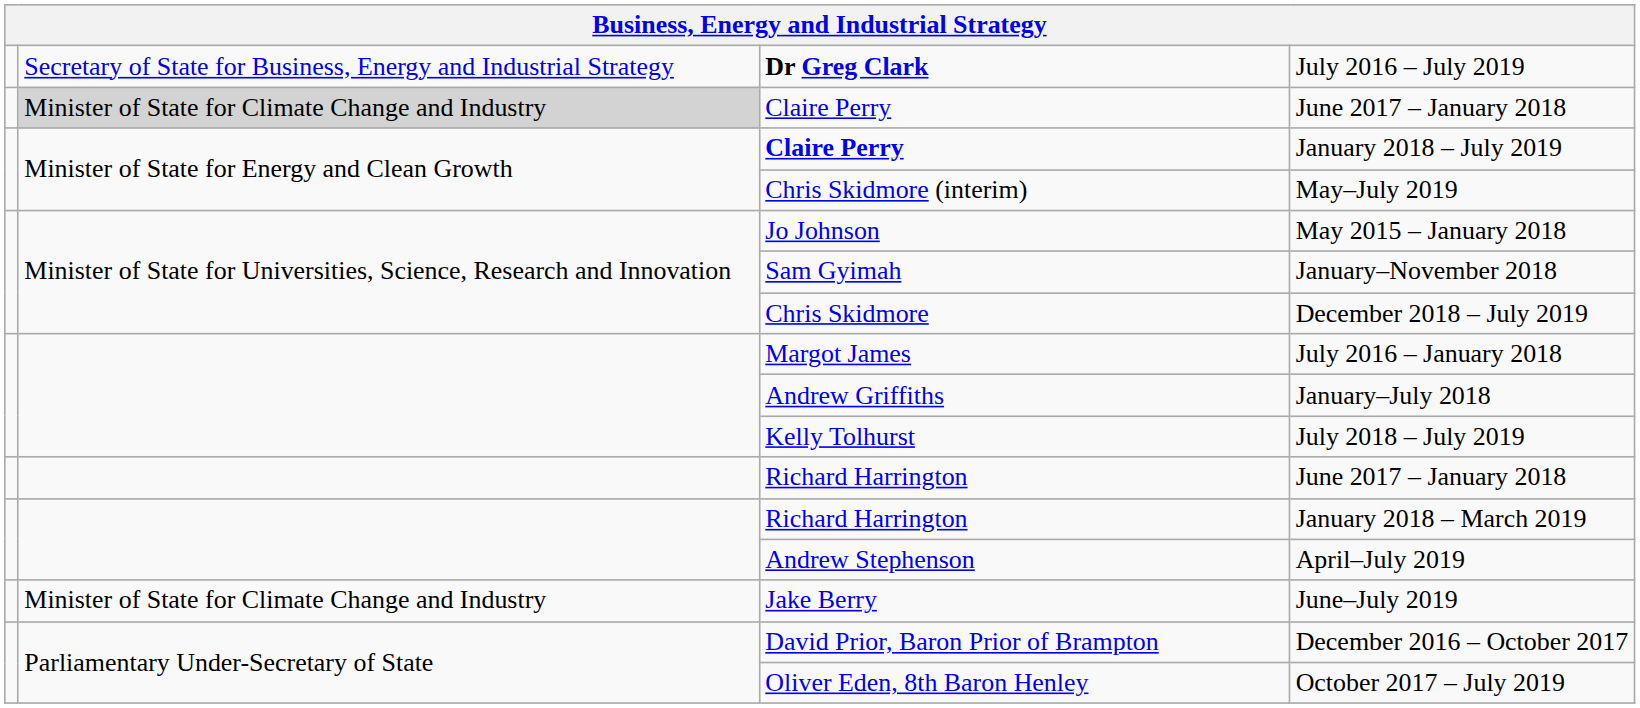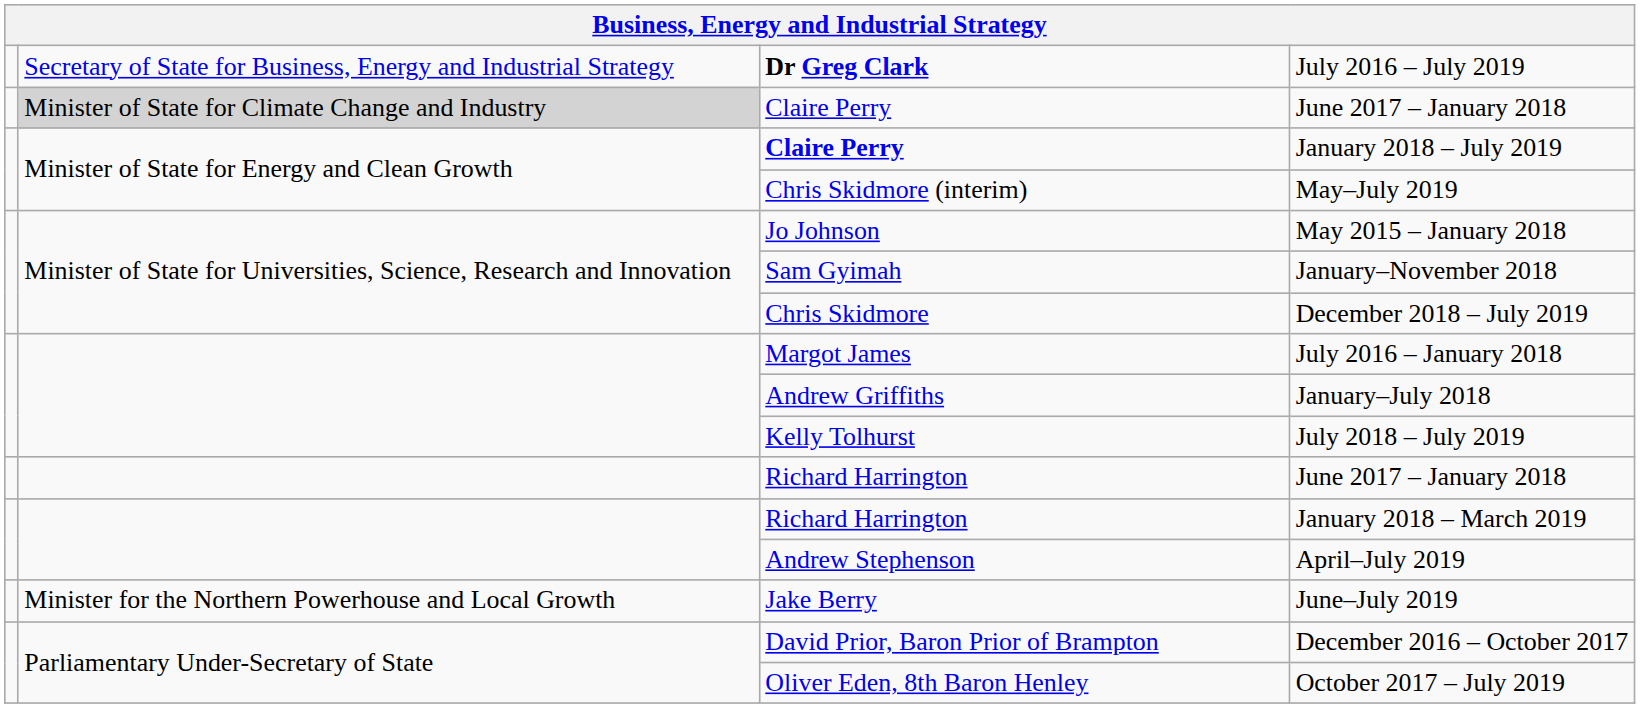 <table class="wikitable">
 <tr>
 <th colspan="4"><a href='#'>Business, Energy and Industrial Strategy</a></th>
 </tr>
 <tr>
 <td style="width: 1px; background: "></td>
 <td style="width: 450px;"><a href='#'>Secretary of State for Business, Energy and Industrial Strategy</a></td>
 <td style="width: 320px;"><strong>Dr <a href='#'>Greg Clark</a></strong></td>
 <td>July 2016 – July 2019</td>
 </tr>
 <tr>
 <td style="width: 1px; background: "></td>
 <td style="background: lightgrey;">Minister of State for Climate Change and Industry</td>
 <td><a href='#'>Claire Perry</a></td>
 <td>June 2017 – January 2018</td>
 </tr>
 <tr>
 <td rowspan="2" style="width: 1px; background: "></td>
 <td rowspan="2">Minister of State for Energy and Clean Growth</td>
 <td><strong><a href='#'>Claire Perry</a></strong></td>
 <td>January 2018 – July 2019</td>
 </tr>
 <tr>
 <td><a href='#'>Chris Skidmore</a>  (interim)<br></td>
 <td>May–July 2019</td>
 </tr>
 <tr>
 <td rowspan="3" style="width: 1px; background: "></td>
 <td rowspan="3">Minister of State for Universities, Science, Research and Innovation<br></td>
 <td><a href='#'>Jo Johnson</a></td>
 <td>May 2015 – January 2018</td>
 </tr>
 <tr>
 <td><a href='#'>Sam Gyimah</a></td>
 <td>January–November 2018</td>
 </tr>
 <tr>
 <td><a href='#'>Chris Skidmore</a></td>
 <td>December 2018 – July 2019</td>
 </tr>
 <tr>
 <td rowspan="3" style="width: 1px; background: "></td>
 <td rowspan="3"></td>
 <td><a href='#'>Margot James</a></td>
 <td>July 2016 – January 2018</td>
 </tr>
 <tr>
 <td><a href='#'>Andrew Griffiths</a></td>
 <td>January–July 2018</td>
 </tr>
 <tr>
 <td><a href='#'>Kelly Tolhurst</a></td>
 <td>July 2018 – July 2019</td>
 </tr>
 <tr>
 <td style="width: 1px; background: "></td>
 <td></td>
 <td><a href='#'>Richard Harrington</a></td>
 <td>June 2017 – January 2018</td>
 </tr>
 <tr>
 <td rowspan="2" style="width: 1px; background: "></td>
 <td rowspan="2"></td>
 <td><a href='#'>Richard Harrington</a></td>
 <td>January 2018 – March 2019</td>
 </tr>
 <tr>
 <td><a href='#'>Andrew Stephenson</a></td>
 <td>April–July 2019</td>
 </tr>
 <tr>
 <td style="width: 1px; background: "></td>
-<td>Minister of State for Climate Change and Industry</td>
+<td>Minister for the Northern Powerhouse and Local Growth<br></td>
 <td><a href='#'>Jake Berry</a></td>
 <td>June–July 2019</td>
 </tr>
 <tr>
 <td rowspan="2" style="width: 1px; background: "></td>
 <td rowspan="2">Parliamentary Under-Secretary of State</td>
 <td><a href='#'>David Prior, Baron Prior of Brampton</a></td>
 <td>December 2016 – October 2017</td>
 </tr>
 <tr>
 <td><a href='#'>Oliver Eden, 8th Baron Henley</a></td>
 <td>October 2017 – July 2019</td>
 </tr>
 </table>
